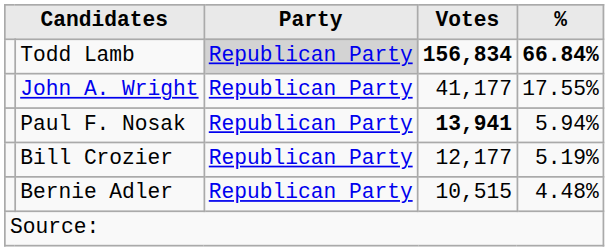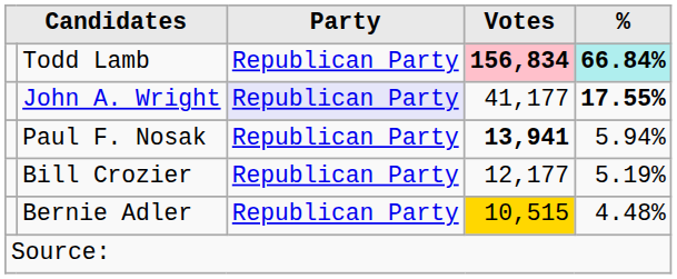 <table class=wikitable style="font-size:95%; text-align:right;">
 <tr>
 <th style="background-color:#E9E9E9" align=center colspan=2>Candidates</th>
 <th style="background-color:#E9E9E9" align=center>Party</th>
 <th style="background-color:#E9E9E9" align=center>Votes</th>
 <th style="background-color:#E9E9E9" align=center>%</th>
 </tr>
 <tr>
 <td></td>
 <td align=left>Todd Lamb</td>
-<td align=center style="background: lightgrey;"><a href='#'>Republican Party</a></td>
-<td><strong>156,834</strong></td>
-<td><strong>66.84%</strong></td>
+<td align=center><a href='#'>Republican Party</a></td>
+<td style="background: pink;"><strong>156,834</strong></td>
+<td style="background: paleturquoise;"><strong>66.84%</strong></td>
 </tr>
 <tr>
 <td></td>
 <td align=left><a href='#'>John A. Wright</a></td>
-<td align=center><a href='#'>Republican Party</a></td>
+<td align=center style="background: lavender;"><a href='#'>Republican Party</a></td>
 <td>41,177</td>
-<td>17.55%</td>
+<td><strong>17.55%</strong></td>
 </tr>
 <tr>
 <td></td>
 <td align=left>Paul F. Nosak</td>
 <td align=center><a href='#'>Republican Party</a></td>
 <td><strong>13,941</strong></td>
 <td>5.94%</td>
 </tr>
 <tr>
 <td></td>
 <td align=left>Bill Crozier</td>
 <td align=center><a href='#'>Republican Party</a></td>
 <td>12,177</td>
 <td>5.19%</td>
 </tr>
 <tr>
 <td></td>
 <td align=left>Bernie Adler</td>
 <td align=center><a href='#'>Republican Party</a></td>
-<td>10,515</td>
+<td style="background: gold;">10,515</td>
 <td>4.48%</td>
 </tr>
 <tr>
 <td align="left" colspan=6>Source:  </td>
 </tr>
 </table>
